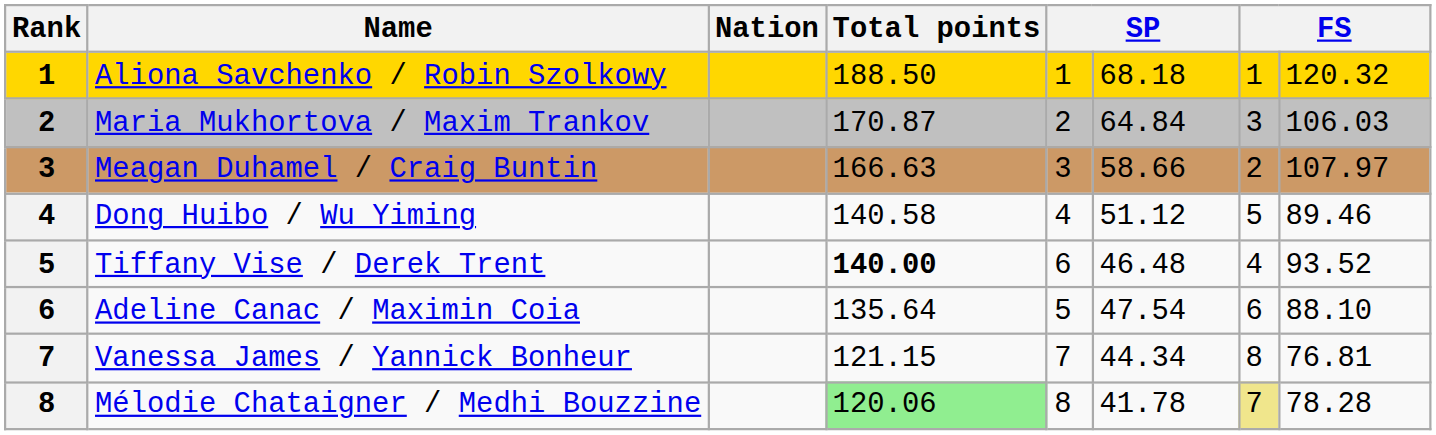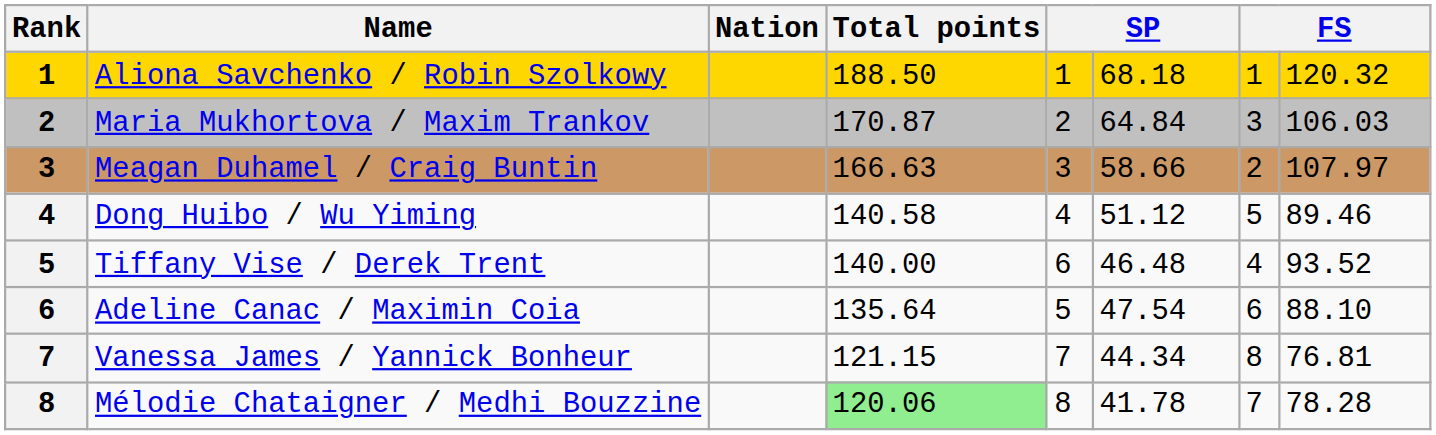 <table class="wikitable">
 <tr>
 <th>Rank</th>
 <th>Name</th>
 <th>Nation</th>
 <th>Total points</th>
 <th colspan="2" width="80px"><a href='#'>SP</a></th>
 <th colspan="2" width="80px"><a href='#'>FS</a></th>
 </tr>
 <tr bgcolor="gold">
 <td align="center"><strong>1</strong></td>
 <td><a href='#'>Aliona Savchenko</a> / <a href='#'>Robin Szolkowy</a></td>
 <td></td>
 <td>188.50</td>
 <td>1</td>
 <td>68.18</td>
 <td>1</td>
 <td>120.32</td>
 </tr>
 <tr bgcolor="silver">
 <td align="center"><strong>2</strong></td>
 <td><a href='#'>Maria Mukhortova</a> / <a href='#'>Maxim Trankov</a></td>
 <td></td>
 <td>170.87</td>
 <td>2</td>
 <td>64.84</td>
 <td>3</td>
 <td>106.03</td>
 </tr>
 <tr bgcolor="cc9966">
 <td align="center"><strong>3</strong></td>
 <td><a href='#'>Meagan Duhamel</a> / <a href='#'>Craig Buntin</a></td>
 <td></td>
 <td>166.63</td>
 <td>3</td>
 <td>58.66</td>
 <td>2</td>
 <td>107.97</td>
 </tr>
 <tr>
 <th>4</th>
 <td><a href='#'>Dong Huibo</a> / <a href='#'>Wu Yiming</a></td>
 <td></td>
 <td>140.58</td>
 <td>4</td>
 <td>51.12</td>
 <td>5</td>
 <td>89.46</td>
 </tr>
 <tr>
 <th>5</th>
 <td><a href='#'>Tiffany Vise</a> / <a href='#'>Derek Trent</a></td>
 <td></td>
-<td><strong>140.00</strong></td>
+<td>140.00</td>
 <td>6</td>
 <td>46.48</td>
 <td>4</td>
 <td>93.52</td>
 </tr>
 <tr>
 <th>6</th>
 <td><a href='#'>Adeline Canac</a> / <a href='#'>Maximin Coia</a></td>
 <td></td>
 <td>135.64</td>
 <td>5</td>
 <td>47.54</td>
 <td>6</td>
 <td>88.10</td>
 </tr>
 <tr>
 <th>7</th>
 <td><a href='#'>Vanessa James</a> / <a href='#'>Yannick Bonheur</a></td>
 <td></td>
 <td>121.15</td>
 <td>7</td>
 <td>44.34</td>
 <td>8</td>
 <td>76.81</td>
 </tr>
 <tr>
 <th>8</th>
 <td><a href='#'>Mélodie Chataigner</a> / <a href='#'>Medhi Bouzzine</a></td>
 <td></td>
 <td style="background: lightgreen;">120.06</td>
 <td>8</td>
 <td>41.78</td>
-<td style="background: khaki;">7</td>
+<td>7</td>
 <td>78.28</td>
 </tr>
 </table>
